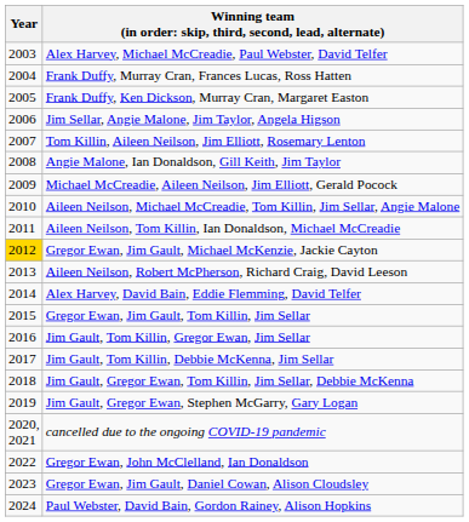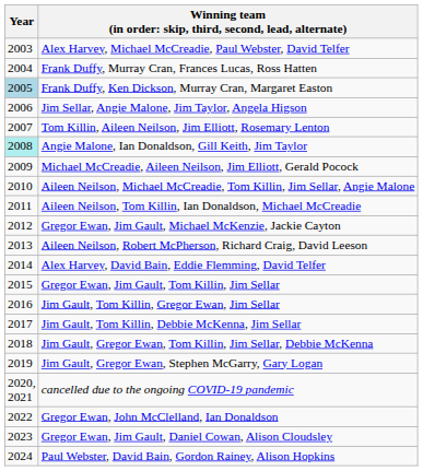 <table class="wikitable">
 <tr>
 <th>Year</th>
 <th>Winning team<br>(in order: skip, third, second, lead, alternate)</th>
 </tr>
 <tr>
 <td>2003</td>
 <td><a href='#'>Alex Harvey</a>, <a href='#'>Michael McCreadie</a>, <a href='#'>Paul Webster</a>, <a href='#'>David Telfer</a></td>
 </tr>
 <tr>
 <td>2004</td>
 <td><a href='#'>Frank Duffy</a>, Murray Cran, Frances Lucas, Ross Hatten</td>
 </tr>
 <tr>
-<td>2005</td>
+<td style="background: lightblue;">2005</td>
 <td><a href='#'>Frank Duffy</a>, <a href='#'>Ken Dickson</a>, Murray Cran, Margaret Easton</td>
 </tr>
 <tr>
 <td>2006</td>
 <td><a href='#'>Jim Sellar</a>, <a href='#'>Angie Malone</a>, <a href='#'>Jim Taylor</a>, <a href='#'>Angela Higson</a></td>
 </tr>
 <tr>
 <td>2007</td>
 <td><a href='#'>Tom Killin</a>, <a href='#'>Aileen Neilson</a>, <a href='#'>Jim Elliott</a>, <a href='#'>Rosemary Lenton</a></td>
 </tr>
 <tr>
-<td>2008</td>
+<td style="background: paleturquoise;">2008</td>
 <td><a href='#'>Angie Malone</a>, Ian Donaldson, <a href='#'>Gill Keith</a>, <a href='#'>Jim Taylor</a></td>
 </tr>
 <tr>
 <td>2009</td>
 <td><a href='#'>Michael McCreadie</a>, <a href='#'>Aileen Neilson</a>, <a href='#'>Jim Elliott</a>, Gerald Pocock</td>
 </tr>
 <tr>
 <td>2010</td>
 <td><a href='#'>Aileen Neilson</a>, <a href='#'>Michael McCreadie</a>, <a href='#'>Tom Killin</a>, <a href='#'>Jim Sellar</a>, <a href='#'>Angie Malone</a></td>
 </tr>
 <tr>
 <td>2011</td>
 <td><a href='#'>Aileen Neilson</a>, <a href='#'>Tom Killin</a>, Ian Donaldson, <a href='#'>Michael McCreadie</a></td>
 </tr>
 <tr>
-<td style="background: gold;">2012</td>
+<td>2012</td>
 <td><a href='#'>Gregor Ewan</a>, <a href='#'>Jim Gault</a>, <a href='#'>Michael McKenzie</a>, Jackie Cayton</td>
 </tr>
 <tr>
 <td>2013</td>
 <td><a href='#'>Aileen Neilson</a>, <a href='#'>Robert McPherson</a>, Richard Craig, David Leeson</td>
 </tr>
 <tr>
 <td>2014</td>
 <td><a href='#'>Alex Harvey</a>, <a href='#'>David Bain</a>, <a href='#'>Eddie Flemming</a>, <a href='#'>David Telfer</a></td>
 </tr>
 <tr>
 <td>2015</td>
 <td><a href='#'>Gregor Ewan</a>, <a href='#'>Jim Gault</a>, <a href='#'>Tom Killin</a>, <a href='#'>Jim Sellar</a></td>
 </tr>
 <tr>
 <td>2016</td>
 <td><a href='#'>Jim Gault</a>, <a href='#'>Tom Killin</a>, <a href='#'>Gregor Ewan</a>, <a href='#'>Jim Sellar</a></td>
 </tr>
 <tr>
 <td>2017</td>
 <td><a href='#'>Jim Gault</a>, <a href='#'>Tom Killin</a>, <a href='#'>Debbie McKenna</a>, <a href='#'>Jim Sellar</a></td>
 </tr>
 <tr>
 <td>2018</td>
 <td><a href='#'>Jim Gault</a>, <a href='#'>Gregor Ewan</a>, <a href='#'>Tom Killin</a>, <a href='#'>Jim Sellar</a>, <a href='#'>Debbie McKenna</a></td>
 </tr>
 <tr>
 <td>2019</td>
 <td><a href='#'>Jim Gault</a>, <a href='#'>Gregor Ewan</a>, Stephen McGarry, <a href='#'>Gary Logan</a></td>
 </tr>
 <tr>
 <td>2020,<br>2021</td>
 <td><em>cancelled due to the ongoing <a href='#'>COVID-19 pandemic</a></em></td>
 </tr>
 <tr>
 <td>2022</td>
 <td><a href='#'>Gregor Ewan</a>, <a href='#'>John McClelland</a>, <a href='#'>Ian Donaldson</a></td>
 </tr>
 <tr>
 <td>2023</td>
 <td><a href='#'>Gregor Ewan</a>, <a href='#'>Jim Gault</a>, <a href='#'>Daniel Cowan</a>, <a href='#'>Alison Cloudsley</a></td>
 </tr>
 <tr>
 <td>2024</td>
 <td><a href='#'>Paul Webster</a>, <a href='#'>David Bain</a>, <a href='#'>Gordon Rainey</a>, <a href='#'>Alison Hopkins</a></td>
 </tr>
 </table>
